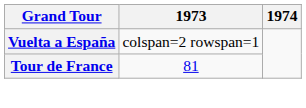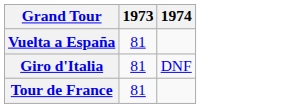 <table class="wikitable plainrowheaders">
 <tr>
 <th scope="col"><a href='#'>Grand Tour</a></th>
 <th scope="col">1973</th>
 <th scope="col">1974</th>
 </tr>
 <tr style="text-align:center;">
 <th scope="row"> <a href='#'>Vuelta a España</a></th>
-<td>colspan=2 rowspan=1 </td>
+<td><a href='#'>81</a></td>
+</tr>
+<tr style="text-align:center;">
+<th scope="row"> <a href='#'>Giro d'Italia</a></th>
+<td><a href='#'>81</a></td>
+<td><a href='#'>DNF</a></td>
 </tr>
 <tr style="text-align:center;">
 <th scope="row"> <a href='#'>Tour de France</a></th>
 <td><a href='#'>81</a></td>
 </tr>
 </table>
